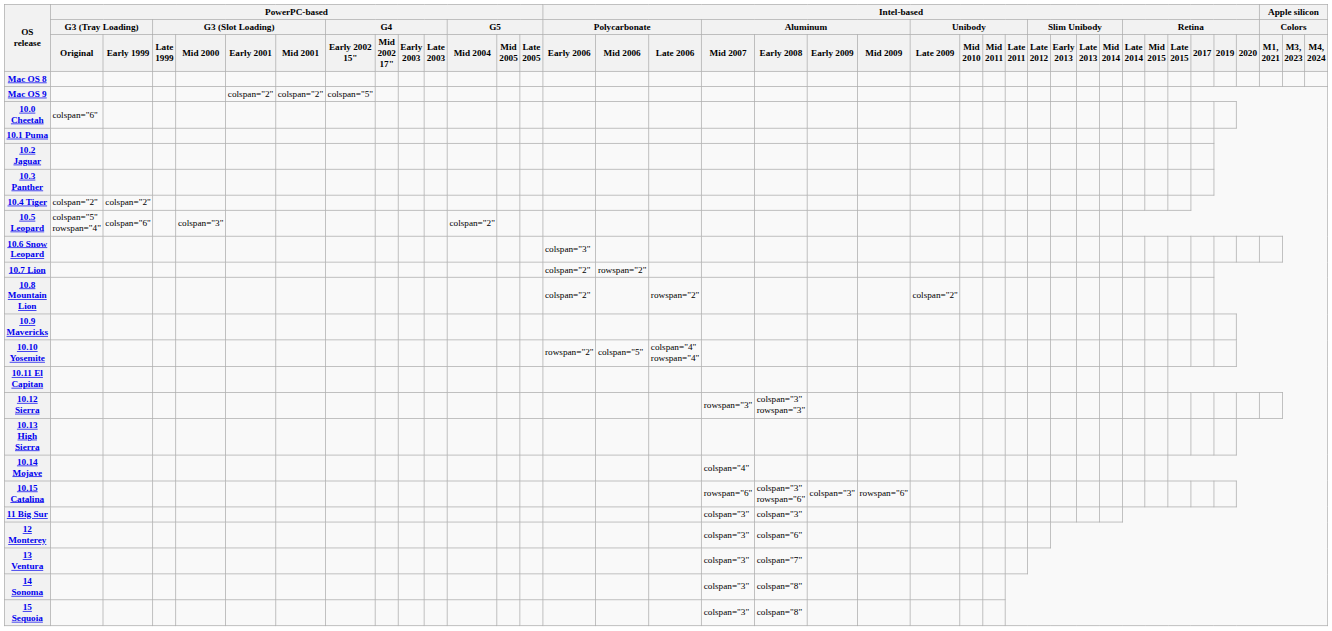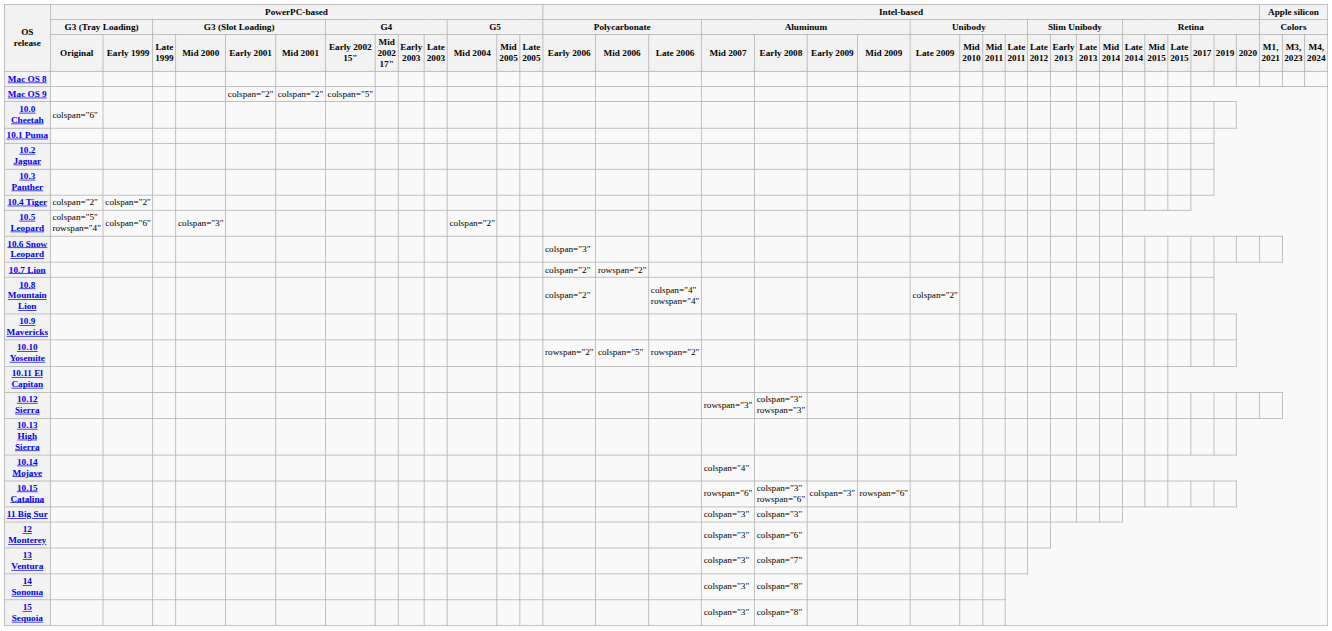 <table class="wikitable mw-collapsible style=" style="font-size: 80%">
 <tr>
 <th rowspan="3">OS release</th>
 <th colspan="13">PowerPC-based</th>
 <th colspan="21">Intel-based</th>
 <th colspan="3">Apple silicon</th>
 </tr>
 <tr>
 <th colspan="2">G3 (Tray Loading)</th>
 <th colspan="4">G3 (Slot Loading)</th>
 <th colspan="4">G4</th>
 <th colspan="3">G5</th>
 <th colspan="3">Polycarbonate</th>
 <th colspan="4">Aluminum</th>
 <th colspan="4">Unibody</th>
 <th colspan="4">Slim Unibody</th>
 <th colspan="6">Retina</th>
 <th colspan="3">Colors</th>
 </tr>
 <tr>
 <th>Original</th>
 <th>Early 1999</th>
 <th>Late 1999</th>
 <th>Mid 2000</th>
 <th>Early 2001</th>
 <th>Mid 2001</th>
 <th>Early 2002 15"</th>
 <th>Mid 2002 17"</th>
 <th>Early 2003</th>
 <th>Late 2003</th>
 <th>Mid 2004</th>
 <th>Mid 2005</th>
 <th>Late 2005</th>
 <th>Early 2006</th>
 <th>Mid 2006</th>
 <th>Late 2006</th>
 <th>Mid 2007</th>
 <th>Early 2008</th>
 <th>Early 2009</th>
 <th>Mid 2009</th>
 <th>Late 2009</th>
 <th>Mid 2010</th>
 <th>Mid 2011</th>
 <th>Late 2011</th>
 <th>Late 2012</th>
 <th>Early 2013</th>
 <th>Late 2013</th>
 <th>Mid 2014</th>
 <th>Late 2014</th>
 <th>Mid 2015</th>
 <th>Late 2015</th>
 <th>2017</th>
 <th>2019</th>
 <th>2020</th>
 <th>M1, 2021</th>
 <th>M3, 2023</th>
 <th>M4, 2024</th>
 </tr>
 <tr>
 <th><a href='#'>Mac OS 8</a></th>
 <td></td>
 <td></td>
 <td></td>
 <td></td>
 <td></td>
 <td></td>
 <td></td>
 <td></td>
 <td></td>
 <td></td>
 <td></td>
 <td></td>
 <td></td>
 <td></td>
 <td></td>
 <td></td>
 <td></td>
 <td></td>
 <td></td>
 <td></td>
 <td></td>
 <td></td>
 <td></td>
 <td></td>
 <td></td>
 <td></td>
 <td></td>
 <td></td>
 <td></td>
 <td></td>
 <td></td>
 <td></td>
 <td></td>
 <td></td>
 <td></td>
 <td></td>
 <td></td>
 </tr>
 <tr>
 <th><a href='#'>Mac OS 9</a></th>
 <td></td>
 <td></td>
 <td></td>
 <td></td>
 <td>colspan="2"</td>
 <td>colspan="2"</td>
 <td>colspan="5"</td>
 <td></td>
 <td></td>
 <td></td>
 <td></td>
 <td></td>
 <td></td>
 <td></td>
 <td></td>
 <td></td>
 <td></td>
 <td></td>
 <td></td>
 <td></td>
 <td></td>
 <td></td>
 <td></td>
 <td></td>
 <td></td>
 <td></td>
 <td></td>
 <td></td>
 <td></td>
 <td></td>
 <td></td>
 </tr>
 <tr>
 <th><a href='#'>10.0 Cheetah</a></th>
 <td>colspan="6"</td>
 <td></td>
 <td></td>
 <td></td>
 <td></td>
 <td></td>
 <td></td>
 <td></td>
 <td></td>
 <td></td>
 <td></td>
 <td></td>
 <td></td>
 <td></td>
 <td></td>
 <td></td>
 <td></td>
 <td></td>
 <td></td>
 <td></td>
 <td></td>
 <td></td>
 <td></td>
 <td></td>
 <td></td>
 <td></td>
 <td></td>
 <td></td>
 <td></td>
 <td></td>
 <td></td>
 <td></td>
 <td></td>
 </tr>
 <tr>
 <th><a href='#'>10.1 Puma</a></th>
 <td></td>
 <td></td>
 <td></td>
 <td></td>
 <td></td>
 <td></td>
 <td></td>
 <td></td>
 <td></td>
 <td></td>
 <td></td>
 <td></td>
 <td></td>
 <td></td>
 <td></td>
 <td></td>
 <td></td>
 <td></td>
 <td></td>
 <td></td>
 <td></td>
 <td></td>
 <td></td>
 <td></td>
 <td></td>
 <td></td>
 <td></td>
 <td></td>
 <td></td>
 <td></td>
 <td></td>
 <td></td>
 </tr>
 <tr>
 <th><a href='#'>10.2 Jaguar</a></th>
 <td></td>
 <td></td>
 <td></td>
 <td></td>
 <td></td>
 <td></td>
 <td></td>
 <td></td>
 <td></td>
 <td></td>
 <td></td>
 <td></td>
 <td></td>
 <td></td>
 <td></td>
 <td></td>
 <td></td>
 <td></td>
 <td></td>
 <td></td>
 <td></td>
 <td></td>
 <td></td>
 <td></td>
 <td></td>
 <td></td>
 <td></td>
 <td></td>
 <td></td>
 <td></td>
 <td></td>
 <td></td>
 </tr>
 <tr>
 <th><a href='#'>10.3 Panther</a></th>
 <td></td>
 <td></td>
 <td></td>
 <td></td>
 <td></td>
 <td></td>
 <td></td>
 <td></td>
 <td></td>
 <td></td>
 <td></td>
 <td></td>
 <td></td>
 <td></td>
 <td></td>
 <td></td>
 <td></td>
 <td></td>
 <td></td>
 <td></td>
 <td></td>
 <td></td>
 <td></td>
 <td></td>
 <td></td>
 <td></td>
 <td></td>
 <td></td>
 <td></td>
 <td></td>
 <td></td>
 <td></td>
 </tr>
 <tr>
 <th><a href='#'>10.4 Tiger</a></th>
 <td>colspan="2"</td>
 <td>colspan="2"</td>
 <td></td>
 <td></td>
 <td></td>
 <td></td>
 <td></td>
 <td></td>
 <td></td>
 <td></td>
 <td></td>
 <td></td>
 <td></td>
 <td></td>
 <td></td>
 <td></td>
 <td></td>
 <td></td>
 <td></td>
 <td></td>
 <td></td>
 <td></td>
 <td></td>
 <td></td>
 <td></td>
 <td></td>
 <td></td>
 <td></td>
 <td></td>
 <td></td>
 <td></td>
 </tr>
 <tr>
 <th><a href='#'>10.5 Leopard</a></th>
 <td>colspan="5" rowspan="4"</td>
 <td>colspan="6"</td>
 <td></td>
 <td>colspan="3"</td>
 <td></td>
 <td></td>
 <td></td>
 <td></td>
 <td></td>
 <td></td>
 <td>colspan="2"</td>
 <td></td>
 <td></td>
 <td></td>
 <td></td>
 <td></td>
 <td></td>
 <td></td>
 <td></td>
 <td></td>
 <td></td>
 <td></td>
 <td></td>
 <td></td>
 <td></td>
 <td></td>
 <td></td>
 <td></td>
 </tr>
 <tr>
 <th><a href='#'>10.6 Snow Leopard</a></th>
 <td></td>
 <td></td>
 <td></td>
 <td></td>
 <td></td>
 <td></td>
 <td></td>
 <td></td>
 <td></td>
 <td></td>
 <td></td>
 <td></td>
 <td></td>
 <td>colspan="3"</td>
 <td></td>
 <td></td>
 <td></td>
 <td></td>
 <td></td>
 <td></td>
 <td></td>
 <td></td>
 <td></td>
 <td></td>
 <td></td>
 <td></td>
 <td></td>
 <td></td>
 <td></td>
 <td></td>
 <td></td>
 <td></td>
 <td></td>
 <td></td>
 <td></td>
 </tr>
 <tr>
 <th><a href='#'>10.7 Lion</a></th>
 <td></td>
 <td></td>
 <td></td>
 <td></td>
 <td></td>
 <td></td>
 <td></td>
 <td></td>
 <td></td>
 <td></td>
 <td></td>
 <td></td>
 <td></td>
 <td>colspan="2"</td>
 <td>rowspan="2" </td>
 <td></td>
 <td></td>
 <td></td>
 <td></td>
 <td></td>
 <td></td>
 <td></td>
 <td></td>
 <td></td>
 <td></td>
 <td></td>
 <td></td>
 <td></td>
 <td></td>
 <td></td>
 <td></td>
 <td></td>
 </tr>
 <tr>
 <th><a href='#'>10.8 Mountain Lion</a></th>
 <td></td>
 <td></td>
 <td></td>
 <td></td>
 <td></td>
 <td></td>
 <td></td>
 <td></td>
 <td></td>
 <td></td>
 <td></td>
 <td></td>
 <td></td>
 <td>colspan="2"</td>
 <td></td>
-<td>rowspan="2" </td>
+<td>colspan="4" rowspan="4"</td>
 <td></td>
 <td></td>
 <td></td>
 <td></td>
 <td>colspan="2"</td>
 <td></td>
 <td></td>
 <td></td>
 <td></td>
 <td></td>
 <td></td>
 <td></td>
 <td></td>
 <td></td>
 <td></td>
 <td></td>
 </tr>
 <tr>
 <th><a href='#'>10.9 Mavericks</a></th>
 <td></td>
 <td></td>
 <td></td>
 <td></td>
 <td></td>
 <td></td>
 <td></td>
 <td></td>
 <td></td>
 <td></td>
 <td></td>
 <td></td>
 <td></td>
 <td></td>
 <td></td>
 <td></td>
 <td></td>
 <td></td>
 <td></td>
 <td></td>
 <td></td>
 <td></td>
 <td></td>
 <td></td>
 <td></td>
 <td></td>
 <td></td>
 <td></td>
 <td></td>
 <td></td>
 <td></td>
 <td></td>
 <td></td>
 </tr>
 <tr>
 <th><a href='#'>10.10 Yosemite</a></th>
 <td></td>
 <td></td>
 <td></td>
 <td></td>
 <td></td>
 <td></td>
 <td></td>
 <td></td>
 <td></td>
 <td></td>
 <td></td>
 <td></td>
 <td></td>
 <td>rowspan="2"</td>
 <td>colspan="5"</td>
-<td>colspan="4" rowspan="4"</td>
+<td>rowspan="2" </td>
 <td></td>
 <td></td>
 <td></td>
 <td></td>
 <td></td>
 <td></td>
 <td></td>
 <td></td>
 <td></td>
 <td></td>
 <td></td>
 <td></td>
 <td></td>
 <td></td>
 <td></td>
 <td></td>
 <td></td>
 </tr>
 <tr>
 <th><a href='#'>10.11 El Capitan</a></th>
 <td></td>
 <td></td>
 <td></td>
 <td></td>
 <td></td>
 <td></td>
 <td></td>
 <td></td>
 <td></td>
 <td></td>
 <td></td>
 <td></td>
 <td></td>
 <td></td>
 <td></td>
 <td></td>
 <td></td>
 <td></td>
 <td></td>
 <td></td>
 <td></td>
 <td></td>
 <td></td>
 <td></td>
 <td></td>
 <td></td>
 <td></td>
 <td></td>
 <td></td>
 <td></td>
 </tr>
 <tr>
 <th><a href='#'>10.12 Sierra</a></th>
 <td></td>
 <td></td>
 <td></td>
 <td></td>
 <td></td>
 <td></td>
 <td></td>
 <td></td>
 <td></td>
 <td></td>
 <td></td>
 <td></td>
 <td></td>
 <td></td>
 <td></td>
 <td></td>
 <td>rowspan="3"</td>
 <td>colspan="3" rowspan="3"</td>
 <td></td>
 <td></td>
 <td></td>
 <td></td>
 <td></td>
 <td></td>
 <td></td>
 <td></td>
 <td></td>
 <td></td>
 <td></td>
 <td></td>
 <td></td>
 <td></td>
 <td></td>
 <td></td>
 <td></td>
 </tr>
 <tr>
 <th><a href='#'>10.13 High Sierra</a></th>
 <td></td>
 <td></td>
 <td></td>
 <td></td>
 <td></td>
 <td></td>
 <td></td>
 <td></td>
 <td></td>
 <td></td>
 <td></td>
 <td></td>
 <td></td>
 <td></td>
 <td></td>
 <td></td>
 <td></td>
 <td></td>
 <td></td>
 <td></td>
 <td></td>
 <td></td>
 <td></td>
 <td></td>
 <td></td>
 <td></td>
 <td></td>
 <td></td>
 <td></td>
 <td></td>
 <td></td>
 <td></td>
 <td></td>
 </tr>
 <tr>
 <th><a href='#'>10.14 Mojave</a></th>
 <td></td>
 <td></td>
 <td></td>
 <td></td>
 <td></td>
 <td></td>
 <td></td>
 <td></td>
 <td></td>
 <td></td>
 <td></td>
 <td></td>
 <td></td>
 <td></td>
 <td></td>
 <td></td>
 <td>colspan="4"</td>
 <td></td>
 <td></td>
 <td></td>
 <td></td>
 <td></td>
 <td></td>
 <td></td>
 <td></td>
 <td></td>
 <td></td>
 <td></td>
 <td></td>
 <td></td>
 </tr>
 <tr>
 <th><a href='#'>10.15 Catalina</a></th>
 <td></td>
 <td></td>
 <td></td>
 <td></td>
 <td></td>
 <td></td>
 <td></td>
 <td></td>
 <td></td>
 <td></td>
 <td></td>
 <td></td>
 <td></td>
 <td></td>
 <td></td>
 <td></td>
 <td>rowspan="6"</td>
 <td>colspan="3" rowspan="6"</td>
 <td>colspan="3"</td>
 <td>rowspan="6"</td>
 <td></td>
 <td></td>
 <td></td>
 <td></td>
 <td></td>
 <td></td>
 <td></td>
 <td></td>
 <td></td>
 <td></td>
 <td></td>
 <td></td>
 <td></td>
 </tr>
 <tr>
 <th><a href='#'>11 Big Sur</a></th>
 <td></td>
 <td></td>
 <td></td>
 <td></td>
 <td></td>
 <td></td>
 <td></td>
 <td></td>
 <td></td>
 <td></td>
 <td></td>
 <td></td>
 <td></td>
 <td></td>
 <td></td>
 <td></td>
 <td>colspan="3"</td>
 <td>colspan="3"</td>
 <td></td>
 <td></td>
 <td></td>
 <td></td>
 <td></td>
 <td></td>
 <td></td>
 <td></td>
 <td></td>
 <td></td>
 </tr>
 <tr>
 <th><a href='#'>12 Monterey</a></th>
 <td></td>
 <td></td>
 <td></td>
 <td></td>
 <td></td>
 <td></td>
 <td></td>
 <td></td>
 <td></td>
 <td></td>
 <td></td>
 <td></td>
 <td></td>
 <td></td>
 <td></td>
 <td></td>
 <td>colspan="3"</td>
 <td>colspan="6"</td>
 <td></td>
 <td></td>
 <td></td>
 <td></td>
 <td></td>
 <td></td>
 <td></td>
 </tr>
 <tr>
 <th><a href='#'>13 Ventura</a></th>
 <td></td>
 <td></td>
 <td></td>
 <td></td>
 <td></td>
 <td></td>
 <td></td>
 <td></td>
 <td></td>
 <td></td>
 <td></td>
 <td></td>
 <td></td>
 <td></td>
 <td></td>
 <td></td>
 <td>colspan="3"</td>
 <td>colspan="7"</td>
 <td></td>
 <td></td>
 <td></td>
 <td></td>
 <td></td>
 <td></td>
 </tr>
 <tr>
 <th><a href='#'>14 Sonoma</a></th>
 <td></td>
 <td></td>
 <td></td>
 <td></td>
 <td></td>
 <td></td>
 <td></td>
 <td></td>
 <td></td>
 <td></td>
 <td></td>
 <td></td>
 <td></td>
 <td></td>
 <td></td>
 <td></td>
 <td>colspan="3"</td>
 <td>colspan="8"</td>
 <td></td>
 <td></td>
 <td></td>
 <td></td>
 <td></td>
 </tr>
 <tr>
 <th><a href='#'>15 Sequoia</a></th>
 <td></td>
 <td></td>
 <td></td>
 <td></td>
 <td></td>
 <td></td>
 <td></td>
 <td></td>
 <td></td>
 <td></td>
 <td></td>
 <td></td>
 <td></td>
 <td></td>
 <td></td>
 <td></td>
 <td>colspan="3"</td>
 <td>colspan="8"</td>
 <td></td>
 <td></td>
 <td></td>
 <td></td>
 <td></td>
 </tr>
 </table>
